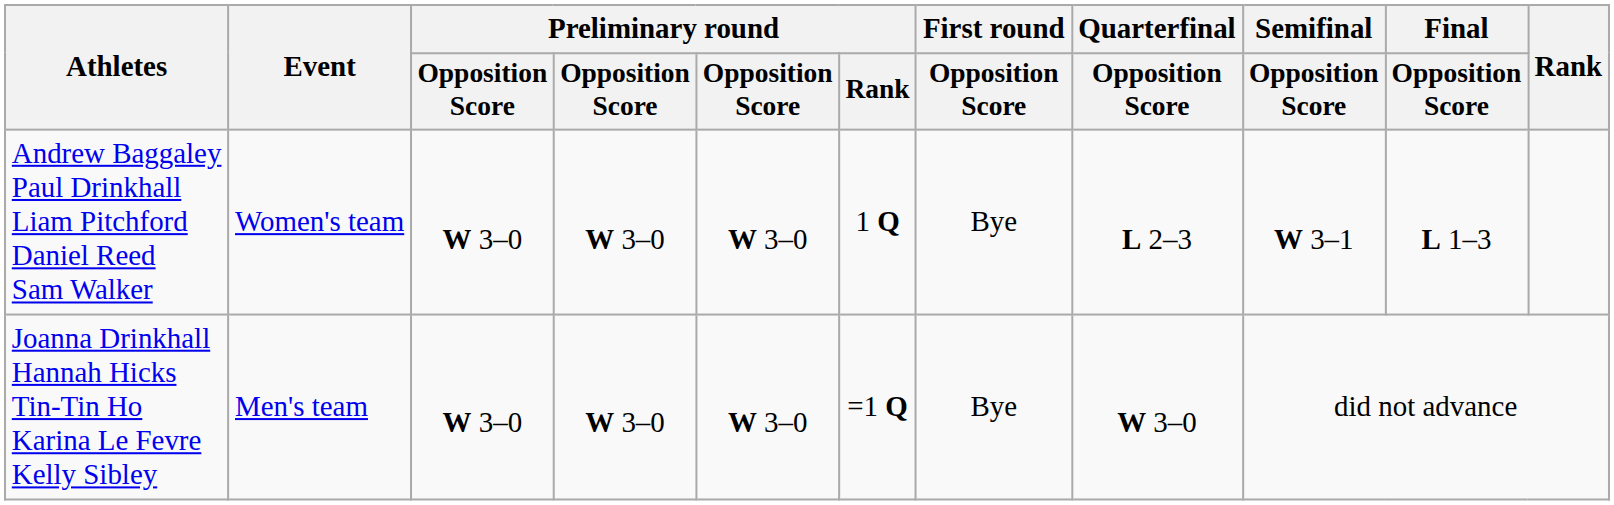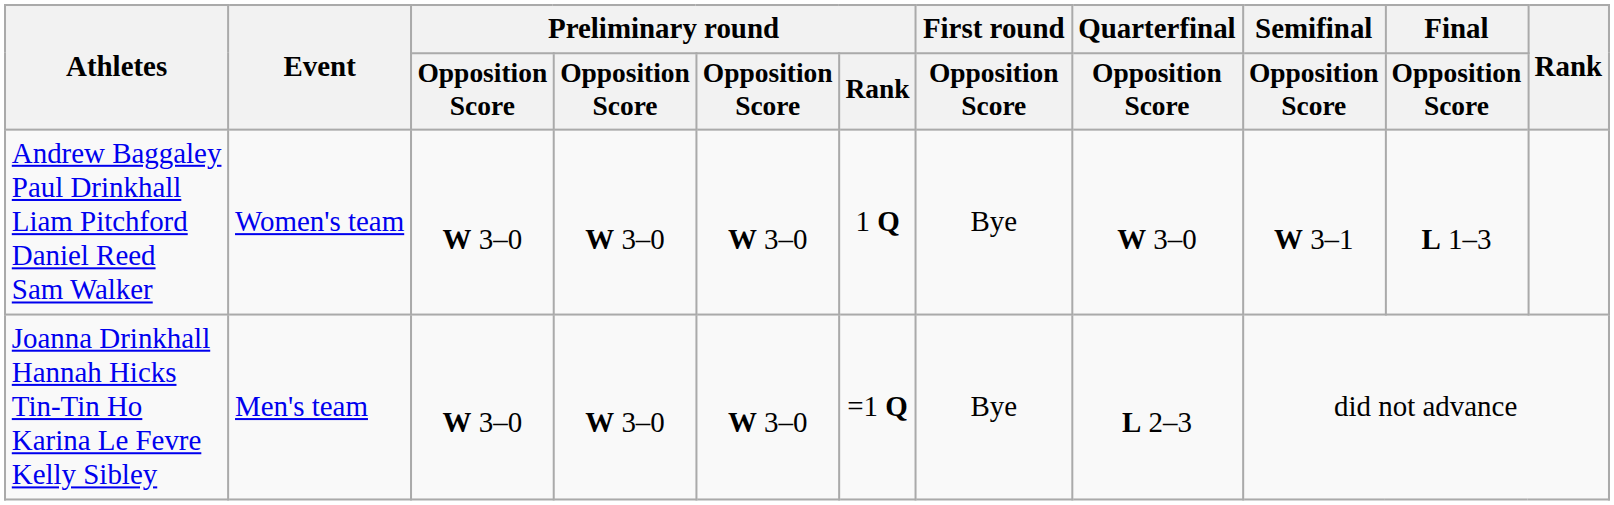 <table class="wikitable" style="font-size:90%">
 <tr>
 <th rowspan=2>Athletes</th>
 <th rowspan=2>Event</th>
 <th colspan=4>Preliminary round</th>
 <th>First round</th>
 <th>Quarterfinal</th>
 <th>Semifinal</th>
 <th>Final</th>
 <th rowspan=2>Rank</th>
 </tr>
 <tr style="font-size:95%">
 <th>Opposition<br>Score</th>
 <th>Opposition<br>Score</th>
 <th>Opposition<br>Score</th>
 <th>Rank</th>
 <th>Opposition<br>Score</th>
 <th>Opposition<br>Score</th>
 <th>Opposition<br>Score</th>
 <th>Opposition<br>Score</th>
 </tr>
 <tr align=center>
 <td align=left><a href='#'>Andrew Baggaley</a><br><a href='#'>Paul Drinkhall</a><br><a href='#'>Liam Pitchford</a><br><a href='#'>Daniel Reed</a><br><a href='#'>Sam Walker</a></td>
 <td align=left><a href='#'>Women's team</a></td>
 <td><br><strong>W</strong> 3–0</td>
 <td><br><strong>W</strong> 3–0</td>
 <td><br><strong>W</strong> 3–0</td>
 <td>1 <strong>Q</strong></td>
 <td>Bye</td>
-<td><br><strong>L</strong> 2–3</td>
+<td><br><strong>W</strong> 3–0</td>
 <td><br><strong>W</strong> 3–1</td>
 <td><br><strong>L</strong> 1–3</td>
 <td></td>
 </tr>
 <tr align=center>
 <td align=left><a href='#'>Joanna Drinkhall</a><br><a href='#'>Hannah Hicks</a><br><a href='#'>Tin-Tin Ho</a><br><a href='#'>Karina Le Fevre</a><br><a href='#'>Kelly Sibley</a></td>
 <td align=left><a href='#'>Men's team</a></td>
 <td><br><strong>W</strong> 3–0</td>
 <td><br><strong>W</strong> 3–0</td>
 <td><br><strong>W</strong> 3–0</td>
 <td>=1 <strong>Q</strong></td>
 <td>Bye</td>
-<td><br><strong>W</strong> 3–0</td>
+<td><br><strong>L</strong> 2–3</td>
 <td colspan=3>did not advance</td>
 </tr>
 </table>
